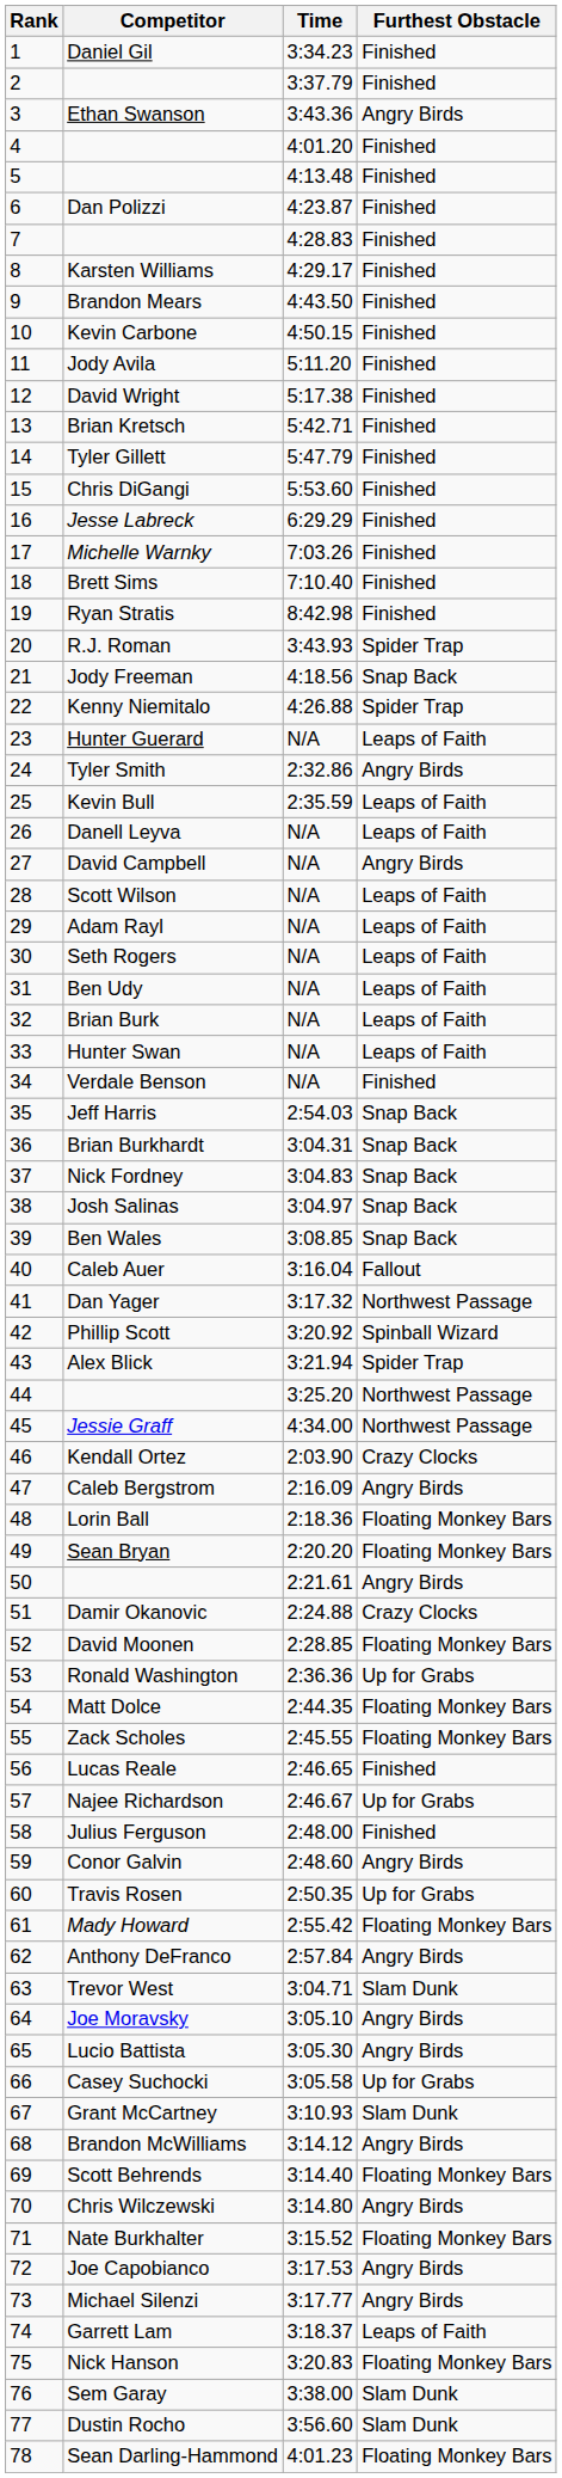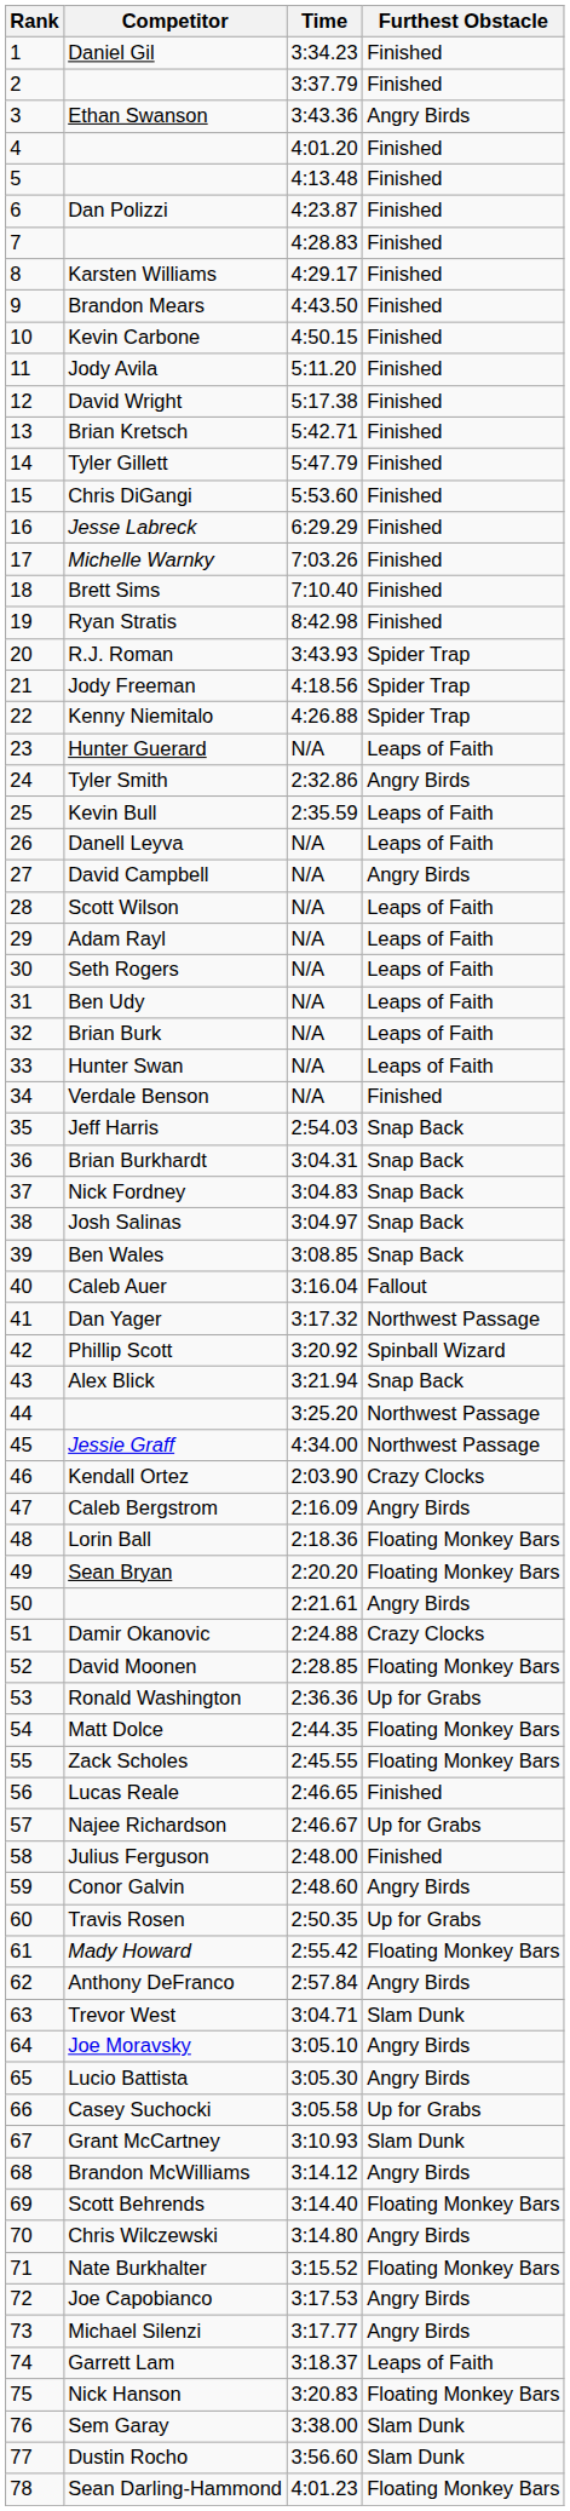 <table class="wikitable sortable">
 <tr>
 <th>Rank</th>
 <th>Competitor</th>
 <th>Time</th>
 <th>Furthest Obstacle</th>
 </tr>
 <tr>
 <td>1</td>
 <td><u>Daniel Gil</u></td>
 <td>3:34.23</td>
 <td>Finished</td>
 </tr>
 <tr>
 <td>2</td>
 <td><u></u></td>
 <td>3:37.79</td>
 <td>Finished</td>
 </tr>
 <tr>
 <td>3</td>
 <td><u>Ethan Swanson</u></td>
 <td>3:43.36</td>
 <td>Angry Birds</td>
 </tr>
 <tr>
 <td>4</td>
 <td></td>
 <td>4:01.20</td>
 <td>Finished</td>
 </tr>
 <tr>
 <td>5</td>
 <td></td>
 <td>4:13.48</td>
 <td>Finished</td>
 </tr>
 <tr>
 <td>6</td>
 <td>Dan Polizzi</td>
 <td>4:23.87</td>
 <td>Finished</td>
 </tr>
 <tr>
 <td>7</td>
 <td></td>
 <td>4:28.83</td>
 <td>Finished</td>
 </tr>
 <tr>
 <td>8</td>
 <td>Karsten Williams</td>
 <td>4:29.17</td>
 <td>Finished</td>
 </tr>
 <tr>
 <td>9</td>
 <td>Brandon Mears</td>
 <td>4:43.50</td>
 <td>Finished</td>
 </tr>
 <tr>
 <td>10</td>
 <td>Kevin Carbone</td>
 <td>4:50.15</td>
 <td>Finished</td>
 </tr>
 <tr>
 <td>11</td>
 <td>Jody Avila</td>
 <td>5:11.20</td>
 <td>Finished</td>
 </tr>
 <tr>
 <td>12</td>
 <td>David Wright</td>
 <td>5:17.38</td>
 <td>Finished</td>
 </tr>
 <tr>
 <td>13</td>
 <td>Brian Kretsch</td>
 <td>5:42.71</td>
 <td>Finished</td>
 </tr>
 <tr>
 <td>14</td>
 <td>Tyler Gillett</td>
 <td>5:47.79</td>
 <td>Finished</td>
 </tr>
 <tr>
 <td>15</td>
 <td>Chris DiGangi</td>
 <td>5:53.60</td>
 <td>Finished</td>
 </tr>
 <tr>
 <td>16</td>
 <td><em>Jesse Labreck</em></td>
 <td>6:29.29</td>
 <td>Finished</td>
 </tr>
 <tr>
 <td>17</td>
 <td><em>Michelle Warnky</em></td>
 <td>7:03.26</td>
 <td>Finished</td>
 </tr>
 <tr>
 <td>18</td>
 <td>Brett Sims</td>
 <td>7:10.40</td>
 <td>Finished</td>
 </tr>
 <tr>
 <td>19</td>
 <td>Ryan Stratis</td>
 <td>8:42.98</td>
 <td>Finished</td>
 </tr>
 <tr>
 <td>20</td>
 <td>R.J. Roman</td>
 <td>3:43.93</td>
 <td>Spider Trap</td>
 </tr>
 <tr>
 <td>21</td>
 <td>Jody Freeman</td>
 <td>4:18.56</td>
-<td>Snap Back</td>
+<td>Spider Trap</td>
 </tr>
 <tr>
 <td>22</td>
 <td>Kenny Niemitalo</td>
 <td>4:26.88</td>
 <td>Spider Trap</td>
 </tr>
 <tr>
 <td>23</td>
 <td><u>Hunter Guerard</u></td>
 <td>N/A</td>
 <td>Leaps of Faith</td>
 </tr>
 <tr>
 <td>24</td>
 <td>Tyler Smith</td>
 <td>2:32.86</td>
 <td>Angry Birds</td>
 </tr>
 <tr>
 <td>25</td>
 <td>Kevin Bull</td>
 <td>2:35.59</td>
 <td>Leaps of Faith</td>
 </tr>
 <tr>
 <td>26</td>
 <td>Danell Leyva</td>
 <td>N/A</td>
 <td>Leaps of Faith</td>
 </tr>
 <tr>
 <td>27</td>
 <td>David Campbell</td>
 <td>N/A</td>
 <td>Angry Birds</td>
 </tr>
 <tr>
 <td>28</td>
 <td>Scott Wilson</td>
 <td>N/A</td>
 <td>Leaps of Faith</td>
 </tr>
 <tr>
 <td>29</td>
 <td>Adam Rayl</td>
 <td>N/A</td>
 <td>Leaps of Faith</td>
 </tr>
 <tr>
 <td>30</td>
 <td>Seth Rogers</td>
 <td>N/A</td>
 <td>Leaps of Faith</td>
 </tr>
 <tr>
 <td>31</td>
 <td>Ben Udy</td>
 <td>N/A</td>
 <td>Leaps of Faith</td>
 </tr>
 <tr>
 <td>32</td>
 <td>Brian Burk</td>
 <td>N/A</td>
 <td>Leaps of Faith</td>
 </tr>
 <tr>
 <td>33</td>
 <td>Hunter Swan</td>
 <td>N/A</td>
 <td>Leaps of Faith</td>
 </tr>
 <tr>
 <td>34</td>
 <td>Verdale Benson</td>
 <td>N/A</td>
 <td>Finished</td>
 </tr>
 <tr>
 <td>35</td>
 <td>Jeff Harris</td>
 <td>2:54.03</td>
 <td>Snap Back</td>
 </tr>
 <tr>
 <td>36</td>
 <td>Brian Burkhardt</td>
 <td>3:04.31</td>
 <td>Snap Back</td>
 </tr>
 <tr>
 <td>37</td>
 <td>Nick Fordney</td>
 <td>3:04.83</td>
 <td>Snap Back</td>
 </tr>
 <tr>
 <td>38</td>
 <td>Josh Salinas</td>
 <td>3:04.97</td>
 <td>Snap Back</td>
 </tr>
 <tr>
 <td>39</td>
 <td>Ben Wales</td>
 <td>3:08.85</td>
 <td>Snap Back</td>
 </tr>
 <tr>
 <td>40</td>
 <td>Caleb Auer</td>
 <td>3:16.04</td>
 <td>Fallout</td>
 </tr>
 <tr>
 <td>41</td>
 <td>Dan Yager</td>
 <td>3:17.32</td>
 <td>Northwest Passage</td>
 </tr>
 <tr>
 <td>42</td>
 <td>Phillip Scott</td>
 <td>3:20.92</td>
 <td>Spinball Wizard</td>
 </tr>
 <tr>
 <td>43</td>
 <td>Alex Blick</td>
 <td>3:21.94</td>
-<td>Spider Trap</td>
+<td>Snap Back</td>
 </tr>
 <tr>
 <td>44</td>
 <td></td>
 <td>3:25.20</td>
 <td>Northwest Passage</td>
 </tr>
 <tr>
 <td>45</td>
 <td><em><a href='#'>Jessie Graff</a></em></td>
 <td>4:34.00</td>
 <td>Northwest Passage</td>
 </tr>
 <tr>
 <td>46</td>
 <td>Kendall Ortez</td>
 <td>2:03.90</td>
 <td>Crazy Clocks</td>
 </tr>
 <tr>
 <td>47</td>
 <td>Caleb Bergstrom</td>
 <td>2:16.09</td>
 <td>Angry Birds</td>
 </tr>
 <tr>
 <td>48</td>
 <td>Lorin Ball</td>
 <td>2:18.36</td>
 <td>Floating Monkey Bars</td>
 </tr>
 <tr>
 <td>49</td>
 <td><u>Sean Bryan</u></td>
 <td>2:20.20</td>
 <td>Floating Monkey Bars</td>
 </tr>
 <tr>
 <td>50</td>
 <td><u></u></td>
 <td>2:21.61</td>
 <td>Angry Birds</td>
 </tr>
 <tr>
 <td>51</td>
 <td>Damir Okanovic</td>
 <td>2:24.88</td>
 <td>Crazy Clocks</td>
 </tr>
 <tr>
 <td>52</td>
 <td>David Moonen</td>
 <td>2:28.85</td>
 <td>Floating Monkey Bars</td>
 </tr>
 <tr>
 <td>53</td>
 <td>Ronald Washington</td>
 <td>2:36.36</td>
 <td>Up for Grabs</td>
 </tr>
 <tr>
 <td>54</td>
 <td>Matt Dolce</td>
 <td>2:44.35</td>
 <td>Floating Monkey Bars</td>
 </tr>
 <tr>
 <td>55</td>
 <td>Zack Scholes</td>
 <td>2:45.55</td>
 <td>Floating Monkey Bars</td>
 </tr>
 <tr>
 <td>56</td>
 <td>Lucas Reale</td>
 <td>2:46.65</td>
 <td>Finished</td>
 </tr>
 <tr>
 <td>57</td>
 <td>Najee Richardson</td>
 <td>2:46.67</td>
 <td>Up for Grabs</td>
 </tr>
 <tr>
 <td>58</td>
 <td>Julius Ferguson</td>
 <td>2:48.00</td>
 <td>Finished</td>
 </tr>
 <tr>
 <td>59</td>
 <td>Conor Galvin</td>
 <td>2:48.60</td>
 <td>Angry Birds</td>
 </tr>
 <tr>
 <td>60</td>
 <td>Travis Rosen</td>
 <td>2:50.35</td>
 <td>Up for Grabs</td>
 </tr>
 <tr>
 <td>61</td>
 <td><em>Mady Howard</em></td>
 <td>2:55.42</td>
 <td>Floating Monkey Bars</td>
 </tr>
 <tr>
 <td>62</td>
 <td>Anthony DeFranco</td>
 <td>2:57.84</td>
 <td>Angry Birds</td>
 </tr>
 <tr>
 <td>63</td>
 <td>Trevor West</td>
 <td>3:04.71</td>
 <td>Slam Dunk</td>
 </tr>
 <tr>
 <td>64</td>
 <td><a href='#'>Joe Moravsky</a></td>
 <td>3:05.10</td>
 <td>Angry Birds</td>
 </tr>
 <tr>
 <td>65</td>
 <td>Lucio Battista</td>
 <td>3:05.30</td>
 <td>Angry Birds</td>
 </tr>
 <tr>
 <td>66</td>
 <td>Casey Suchocki</td>
 <td>3:05.58</td>
 <td>Up for Grabs</td>
 </tr>
 <tr>
 <td>67</td>
 <td>Grant McCartney</td>
 <td>3:10.93</td>
 <td>Slam Dunk</td>
 </tr>
 <tr>
 <td>68</td>
 <td>Brandon McWilliams</td>
 <td>3:14.12</td>
 <td>Angry Birds</td>
 </tr>
 <tr>
 <td>69</td>
 <td>Scott Behrends</td>
 <td>3:14.40</td>
 <td>Floating Monkey Bars</td>
 </tr>
 <tr>
 <td>70</td>
 <td>Chris Wilczewski</td>
 <td>3:14.80</td>
 <td>Angry Birds</td>
 </tr>
 <tr>
 <td>71</td>
 <td>Nate Burkhalter</td>
 <td>3:15.52</td>
 <td>Floating Monkey Bars</td>
 </tr>
 <tr>
 <td>72</td>
 <td>Joe Capobianco</td>
 <td>3:17.53</td>
 <td>Angry Birds</td>
 </tr>
 <tr>
 <td>73</td>
 <td>Michael Silenzi</td>
 <td>3:17.77</td>
 <td>Angry Birds</td>
 </tr>
 <tr>
 <td>74</td>
 <td>Garrett Lam</td>
 <td>3:18.37</td>
 <td>Leaps of Faith</td>
 </tr>
 <tr>
 <td>75</td>
 <td>Nick Hanson</td>
 <td>3:20.83</td>
 <td>Floating Monkey Bars</td>
 </tr>
 <tr>
 <td>76</td>
 <td>Sem Garay</td>
 <td>3:38.00</td>
 <td>Slam Dunk</td>
 </tr>
 <tr>
 <td>77</td>
 <td>Dustin Rocho</td>
 <td>3:56.60</td>
 <td>Slam Dunk</td>
 </tr>
 <tr>
 <td>78</td>
 <td>Sean Darling-Hammond</td>
 <td>4:01.23</td>
 <td>Floating Monkey Bars</td>
 </tr>
 </table>
